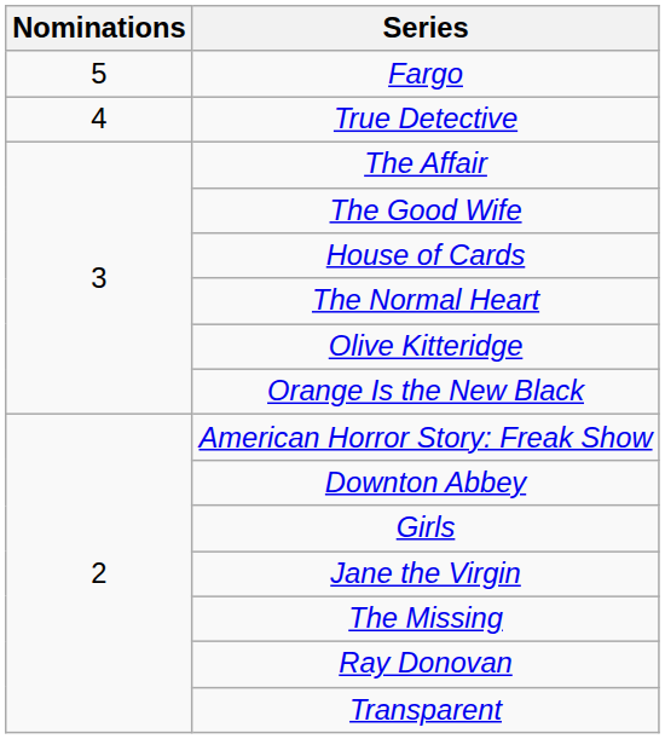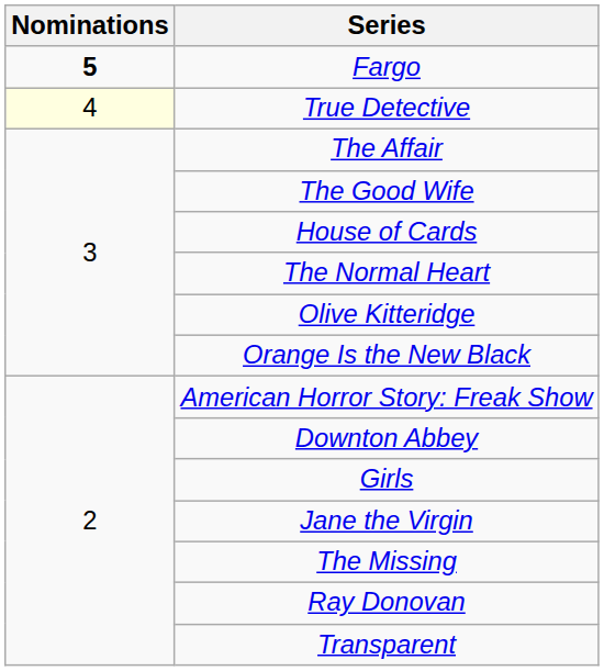 <table class="wikitable" style="text-align: center">
 <tr>
 <th scope="col" width="55">Nominations</th>
 <th scope="col" align="center">Series</th>
 </tr>
 <tr>
-<td align="center">5</td>
+<td align="center"><strong>5</strong></td>
 <td><em><a href='#'>Fargo</a></em></td>
 </tr>
 <tr>
-<td align="center">4</td>
+<td align="center" style="background: lightyellow;">4</td>
 <td><em><a href='#'>True Detective</a></em></td>
 </tr>
 <tr>
 <td rowspan=6 style="text-align:center">3</td>
 <td><em><a href='#'>The Affair</a></em></td>
 </tr>
 <tr>
 <td><em><a href='#'>The Good Wife</a></em></td>
 </tr>
 <tr>
 <td><em><a href='#'>House of Cards</a></em></td>
 </tr>
 <tr>
 <td><em><a href='#'>The Normal Heart</a></em></td>
 </tr>
 <tr>
 <td><em><a href='#'>Olive Kitteridge</a></em></td>
 </tr>
 <tr>
 <td><em><a href='#'>Orange Is the New Black</a></em></td>
 </tr>
 <tr>
 <td rowspan=7 style="text-align:center">2</td>
 <td><em><a href='#'>American Horror Story: Freak Show</a></em></td>
 </tr>
 <tr>
 <td><em><a href='#'>Downton Abbey</a></em></td>
 </tr>
 <tr>
 <td><em><a href='#'>Girls</a></em></td>
 </tr>
 <tr>
 <td><em><a href='#'>Jane the Virgin</a></em></td>
 </tr>
 <tr>
 <td><em><a href='#'>The Missing</a></em></td>
 </tr>
 <tr>
 <td><em><a href='#'>Ray Donovan</a></em></td>
 </tr>
 <tr>
 <td><em><a href='#'>Transparent</a></em></td>
 </tr>
 </table>
